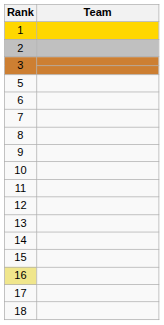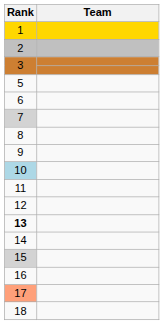 <table class="wikitable">
 <tr>
 <th>Rank</th>
 <th width=170>Team</th>
 </tr>
 <tr bgcolor=gold>
 <td align=center>1</td>
 <td></td>
 </tr>
 <tr bgcolor=silver>
 <td align=center>2</td>
 <td></td>
 </tr>
 <tr bgcolor=CD7F32>
 <td rowspan=2 align=center>3</td>
 <td></td>
 </tr>
 <tr bgcolor=CD7F32>
 <td></td>
 </tr>
 <tr>
 <td align=center>5</td>
 <td></td>
 </tr>
 <tr>
 <td align=center>6</td>
 <td></td>
 </tr>
 <tr>
-<td align=center>7</td>
+<td align=center style="background: lightgrey;">7</td>
 <td></td>
 </tr>
 <tr>
 <td align=center>8</td>
 <td></td>
 </tr>
 <tr>
 <td align=center>9</td>
 <td></td>
 </tr>
 <tr>
-<td align=center>10</td>
+<td align=center style="background: lightblue;">10</td>
 <td></td>
 </tr>
 <tr>
 <td align=center>11</td>
 <td></td>
 </tr>
 <tr>
 <td align=center>12</td>
 <td></td>
 </tr>
 <tr>
-<td align=center>13</td>
+<td align=center><strong>13</strong></td>
 <td></td>
 </tr>
 <tr>
 <td align=center>14</td>
 <td></td>
 </tr>
 <tr>
-<td align=center>15</td>
+<td align=center style="background: lightgrey;">15</td>
 <td></td>
 </tr>
 <tr>
-<td align=center style="background: khaki;">16</td>
+<td align=center>16</td>
 <td></td>
 </tr>
 <tr>
-<td align=center>17</td>
+<td align=center style="background: lightsalmon;">17</td>
 <td></td>
 </tr>
 <tr>
 <td align=center>18</td>
 <td></td>
 </tr>
 </table>
